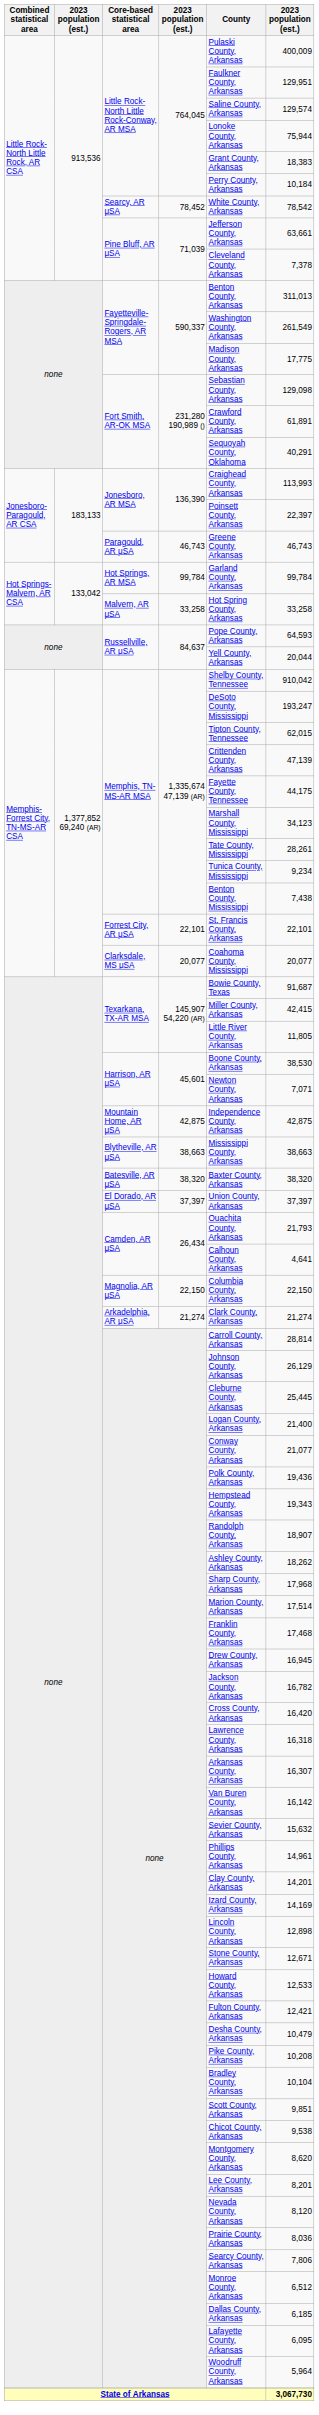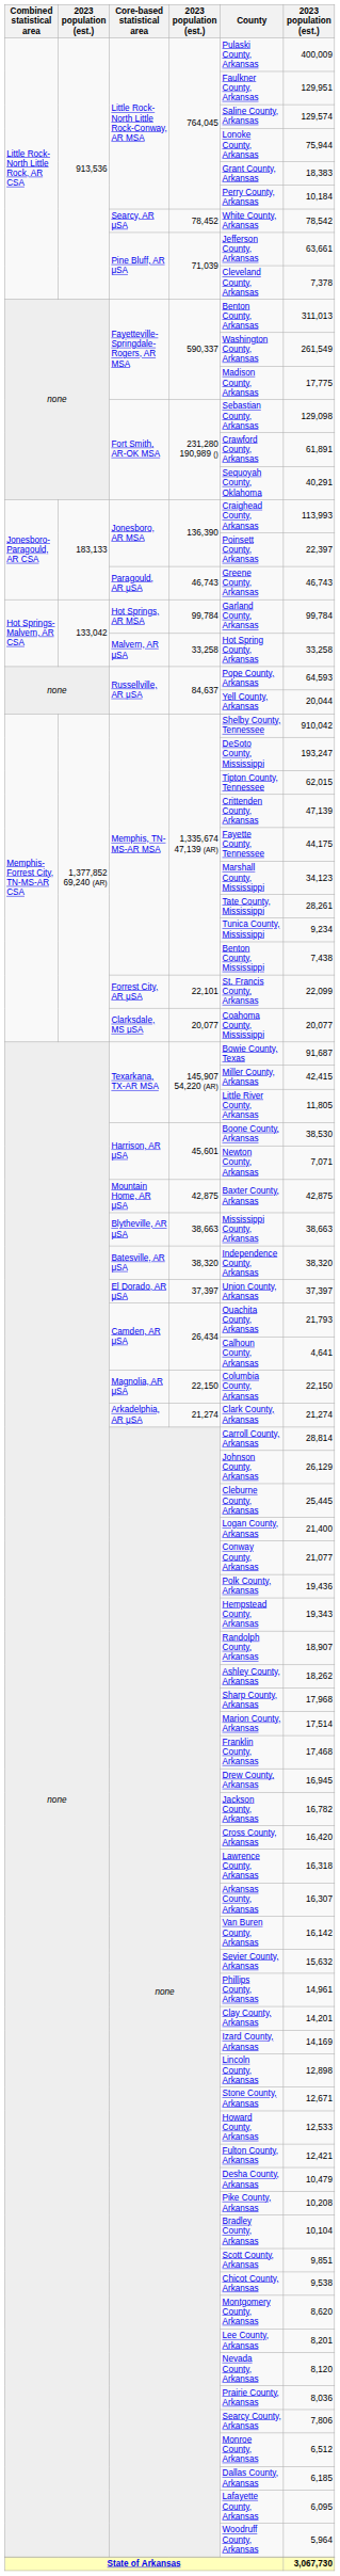 <table class=wikitable>
 <tr>
 <th>Combined statistical area</th>
 <th>2023 population (est.)</th>
 <th>Core-based statistical area</th>
 <th>2023 population (est.)</th>
 <th>County</th>
 <th>2023 population (est.)</th>
 </tr>
 <tr>
 <td rowspan=9><a href='#'>Little Rock-North Little Rock, AR CSA</a></td>
 <td rowspan=9 align=right>913,536</td>
 <td rowspan=6><a href='#'>Little Rock-North Little Rock-Conway, AR MSA</a></td>
 <td rowspan=6 align=right>764,045</td>
 <td><a href='#'>Pulaski County, Arkansas</a></td>
 <td align=right>400,009</td>
 </tr>
 <tr>
 <td><a href='#'>Faulkner County, Arkansas</a></td>
 <td align=right>129,951</td>
 </tr>
 <tr>
 <td><a href='#'>Saline County, Arkansas</a></td>
 <td align=right>129,574</td>
 </tr>
 <tr>
 <td><a href='#'>Lonoke County, Arkansas</a></td>
 <td align=right>75,944</td>
 </tr>
 <tr>
 <td><a href='#'>Grant County, Arkansas</a></td>
 <td align=right>18,383</td>
 </tr>
 <tr>
 <td><a href='#'>Perry County, Arkansas</a></td>
 <td align=right>10,184</td>
 </tr>
 <tr>
 <td rowspan=1><a href='#'>Searcy, AR μSA</a></td>
 <td rowspan=1 align=right>78,452</td>
 <td><a href='#'>White County, Arkansas</a></td>
 <td align=right>78,542</td>
 </tr>
 <tr>
 <td rowspan=2><a href='#'>Pine Bluff, AR μSA</a></td>
 <td rowspan=2 align=right>71,039</td>
 <td><a href='#'>Jefferson County, Arkansas</a></td>
 <td align=right>63,661</td>
 </tr>
 <tr>
 <td><a href='#'>Cleveland County, Arkansas</a></td>
 <td align=right>7,378</td>
 </tr>
 <tr>
 <td rowspan=6 colspan=2 align=center bgcolor=#EEEEEE><em>none</em></td>
 <td rowspan=3><a href='#'>Fayetteville-Springdale-Rogers, AR MSA</a></td>
 <td rowspan=3 align=right>590,337</td>
 <td><a href='#'>Benton County, Arkansas</a></td>
 <td align=right>311,013</td>
 </tr>
 <tr>
 <td><a href='#'>Washington County, Arkansas</a></td>
 <td align=right>261,549</td>
 </tr>
 <tr>
 <td><a href='#'>Madison County, Arkansas</a></td>
 <td align=right>17,775</td>
 </tr>
 <tr>
 <td rowspan=3><a href='#'><span>Fort Smith, AR-OK MSA</span></a></td>
 <td rowspan=3 align=right><span>231,280</span><br>190,989 <small>()</small></td>
 <td><a href='#'>Sebastian County, Arkansas</a></td>
 <td align=right>129,098</td>
 </tr>
 <tr>
 <td><a href='#'>Crawford County, Arkansas</a></td>
 <td align=right>61,891</td>
 </tr>
 <tr>
 <td><a href='#'><span>Sequoyah County, Oklahoma</span></a></td>
 <td align=right><span>40,291</span></td>
 </tr>
 <tr>
 <td rowspan=3><a href='#'>Jonesboro-Paragould, AR CSA</a></td>
 <td rowspan=3 align=right>183,133</td>
 <td rowspan=2><a href='#'>Jonesboro, AR MSA</a></td>
 <td rowspan=2 align=right>136,390</td>
 <td><a href='#'>Craighead County, Arkansas</a></td>
 <td align=right>113,993</td>
 </tr>
 <tr>
 <td><a href='#'>Poinsett County, Arkansas</a></td>
 <td align=right>22,397</td>
 </tr>
 <tr>
 <td rowspan=1><a href='#'>Paragould, AR μSA</a></td>
 <td rowspan=1 align=right>46,743</td>
 <td><a href='#'>Greene County, Arkansas</a></td>
 <td align=right>46,743</td>
 </tr>
 <tr>
 <td rowspan=2><a href='#'>Hot Springs-Malvern, AR CSA</a></td>
 <td rowspan=2 align=right>133,042</td>
 <td rowspan=1><a href='#'>Hot Springs, AR MSA</a></td>
 <td rowspan=1 align=right>99,784</td>
 <td><a href='#'>Garland County, Arkansas</a></td>
 <td align=right>99,784</td>
 </tr>
 <tr>
 <td><a href='#'>Malvern, AR μSA</a></td>
 <td align=right>33,258</td>
 <td><a href='#'>Hot Spring County, Arkansas</a></td>
 <td align=right>33,258</td>
 </tr>
 <tr>
 <td rowspan=2 colspan=2 align=center bgcolor=#EEEEEE><em>none</em></td>
 <td rowspan=2><a href='#'>Russellville, AR μSA</a></td>
 <td rowspan=2 align=right>84,637</td>
 <td><a href='#'>Pope County, Arkansas</a></td>
 <td align=right>64,593</td>
 </tr>
 <tr>
 <td><a href='#'>Yell County, Arkansas</a></td>
 <td align=right>20,044</td>
 </tr>
 <tr>
 <td rowspan=11><a href='#'><span>Memphis-Forrest City, TN-MS-AR CSA</span></a></td>
 <td rowspan=11 align=right><span>1,377,852</span><br>69,240 <small>(AR)</small></td>
 <td rowspan=9><a href='#'><span>Memphis, TN-MS-AR MSA</span></a></td>
 <td rowspan=9 align=right><span>1,335,674</span><br>47,139 <small>(AR)</small></td>
 <td><a href='#'><span>Shelby County, Tennessee</span></a></td>
 <td align=right><span>910,042</span></td>
 </tr>
 <tr>
 <td><a href='#'><span>DeSoto County, Mississippi</span></a></td>
 <td align=right><span>193,247</span></td>
 </tr>
 <tr>
 <td><a href='#'><span>Tipton County, Tennessee</span></a></td>
 <td align=right><span>62,015</span></td>
 </tr>
 <tr>
 <td><a href='#'>Crittenden County, Arkansas</a></td>
 <td align=right>47,139</td>
 </tr>
 <tr>
 <td><a href='#'><span>Fayette County, Tennessee</span></a></td>
 <td align=right><span>44,175</span></td>
 </tr>
 <tr>
 <td><a href='#'><span>Marshall County, Mississippi</span></a></td>
 <td align=right><span>34,123</span></td>
 </tr>
 <tr>
 <td><a href='#'><span>Tate County, Mississippi</span></a></td>
 <td align=right><span>28,261</span></td>
 </tr>
 <tr>
 <td><a href='#'><span>Tunica County, Mississippi</span></a></td>
 <td align=right><span>9,234</span></td>
 </tr>
 <tr>
 <td><a href='#'><span>Benton County, Mississippi</span></a></td>
 <td align=right><span>7,438</span></td>
 </tr>
 <tr>
 <td rowspan=1><a href='#'>Forrest City, AR μSA</a></td>
 <td rowspan=1 align=right>22,101</td>
 <td><a href='#'>St. Francis County, Arkansas</a></td>
-<td align=right>22,101</td>
+<td align=right>22,099</td>
 </tr>
 <tr>
 <td rowspan=1><a href='#'><span>Clarksdale, MS μSA</span></a></td>
 <td rowspan=1 align=right><span>20,077</span></td>
 <td><a href='#'><span>Coahoma County, Mississippi</span></a></td>
 <td align=right><span>20,077</span></td>
 </tr>
 <tr>
 <td rowspan=53 colspan=2 align=center bgcolor=#EEEEEE><em>none</em></td>
 <td rowspan=3><a href='#'><span>Texarkana, TX-AR MSA</span></a></td>
 <td rowspan=3 align=right><span>145,907</span><br>54,220 <small>(AR)</small></td>
 <td><a href='#'><span>Bowie County, Texas</span></a></td>
 <td align=right><span>91,687</span></td>
 </tr>
 <tr>
 <td><a href='#'>Miller County, Arkansas</a></td>
 <td align=right>42,415</td>
 </tr>
 <tr>
 <td><a href='#'>Little River County, Arkansas</a></td>
 <td align=right>11,805</td>
 </tr>
 <tr>
 <td rowspan=2><a href='#'>Harrison, AR μSA</a></td>
 <td rowspan=2 align=right>45,601</td>
 <td><a href='#'>Boone County, Arkansas</a></td>
 <td align=right>38,530</td>
 </tr>
 <tr>
 <td><a href='#'>Newton County, Arkansas</a></td>
 <td align=right>7,071</td>
 </tr>
 <tr>
 <td rowspan=1><a href='#'>Mountain Home, AR μSA</a></td>
 <td rowspan=1 align=right>42,875</td>
-<td><a href='#'>Independence County, Arkansas</a></td>
+<td><a href='#'>Baxter County, Arkansas</a></td>
 <td align=right>42,875</td>
 </tr>
 <tr>
 <td rowspan=1><a href='#'>Blytheville, AR μSA</a></td>
 <td rowspan=1 align=right>38,663</td>
 <td><a href='#'>Mississippi County, Arkansas</a></td>
 <td align=right>38,663</td>
 </tr>
 <tr>
 <td rowspan=1><a href='#'>Batesville, AR μSA</a></td>
 <td rowspan=1 align=right>38,320</td>
-<td><a href='#'>Baxter County, Arkansas</a></td>
+<td><a href='#'>Independence County, Arkansas</a></td>
 <td align=right>38,320</td>
 </tr>
 <tr>
 <td rowspan=1><a href='#'>El Dorado, AR μSA</a></td>
 <td rowspan=1 align=right>37,397</td>
 <td><a href='#'>Union County, Arkansas</a></td>
 <td align=right>37,397</td>
 </tr>
 <tr>
 <td rowspan=2><a href='#'>Camden, AR μSA</a></td>
 <td rowspan=2 align=right>26,434</td>
 <td><a href='#'>Ouachita County, Arkansas</a></td>
 <td align=right>21,793</td>
 </tr>
 <tr>
 <td><a href='#'>Calhoun County, Arkansas</a></td>
 <td align=right>4,641</td>
 </tr>
 <tr>
 <td rowspan=1><a href='#'>Magnolia, AR μSA</a></td>
 <td rowspan=1 align=right>22,150</td>
 <td><a href='#'>Columbia County, Arkansas</a></td>
 <td align=right>22,150</td>
 </tr>
 <tr>
 <td rowspan=1><a href='#'>Arkadelphia, AR μSA</a></td>
 <td rowspan=1 align=right>21,274</td>
 <td><a href='#'>Clark County, Arkansas</a></td>
 <td align=right>21,274</td>
 </tr>
 <tr>
 <td rowspan=40 colspan=2 align=center bgcolor=#EEEEEE><em>none</em></td>
 <td><a href='#'>Carroll County, Arkansas</a></td>
 <td align=right>28,814</td>
 </tr>
 <tr>
 <td><a href='#'>Johnson County, Arkansas</a></td>
 <td align=right>26,129</td>
 </tr>
 <tr>
 <td><a href='#'>Cleburne County, Arkansas</a></td>
 <td align=right>25,445</td>
 </tr>
 <tr>
 <td><a href='#'>Logan County, Arkansas</a></td>
 <td align=right>21,400</td>
 </tr>
 <tr>
 <td><a href='#'>Conway County, Arkansas</a></td>
 <td align=right>21,077</td>
 </tr>
 <tr>
 <td><a href='#'>Polk County, Arkansas</a></td>
 <td align=right>19,436</td>
 </tr>
 <tr>
 <td><a href='#'>Hempstead County, Arkansas</a></td>
 <td align=right>19,343</td>
 </tr>
 <tr>
 <td><a href='#'>Randolph County, Arkansas</a></td>
 <td align=right>18,907</td>
 </tr>
 <tr>
 <td><a href='#'>Ashley County, Arkansas</a></td>
 <td align=right>18,262</td>
 </tr>
 <tr>
 <td><a href='#'>Sharp County, Arkansas</a></td>
 <td align=right>17,968</td>
 </tr>
 <tr>
 <td><a href='#'>Marion County, Arkansas</a></td>
 <td align=right>17,514</td>
 </tr>
 <tr>
 <td><a href='#'>Franklin County, Arkansas</a></td>
 <td align=right>17,468</td>
 </tr>
 <tr>
 <td><a href='#'>Drew County, Arkansas</a></td>
 <td align=right>16,945</td>
 </tr>
 <tr>
 <td><a href='#'>Jackson County, Arkansas</a></td>
 <td align=right>16,782</td>
 </tr>
 <tr>
 <td><a href='#'>Cross County, Arkansas</a></td>
 <td align=right>16,420</td>
 </tr>
 <tr>
 <td><a href='#'>Lawrence County, Arkansas</a></td>
 <td align=right>16,318</td>
 </tr>
 <tr>
 <td><a href='#'>Arkansas County, Arkansas</a></td>
 <td align=right>16,307</td>
 </tr>
 <tr>
 <td><a href='#'>Van Buren County, Arkansas</a></td>
 <td align=right>16,142</td>
 </tr>
 <tr>
 <td><a href='#'>Sevier County, Arkansas</a></td>
 <td align=right>15,632</td>
 </tr>
 <tr>
 <td><a href='#'>Phillips County, Arkansas</a></td>
 <td align=right>14,961</td>
 </tr>
 <tr>
 <td><a href='#'>Clay County, Arkansas</a></td>
 <td align=right>14,201</td>
 </tr>
 <tr>
 <td><a href='#'>Izard County, Arkansas</a></td>
 <td align=right>14,169</td>
 </tr>
 <tr>
 <td><a href='#'>Lincoln County, Arkansas</a></td>
 <td align=right>12,898</td>
 </tr>
 <tr>
 <td><a href='#'>Stone County, Arkansas</a></td>
 <td align=right>12,671</td>
 </tr>
 <tr>
 <td><a href='#'>Howard County, Arkansas</a></td>
 <td align=right>12,533</td>
 </tr>
 <tr>
 <td><a href='#'>Fulton County, Arkansas</a></td>
 <td align=right>12,421</td>
 </tr>
 <tr>
 <td><a href='#'>Desha County, Arkansas</a></td>
 <td align=right>10,479</td>
 </tr>
 <tr>
 <td><a href='#'>Pike County, Arkansas</a></td>
 <td align=right>10,208</td>
 </tr>
 <tr>
 <td><a href='#'>Bradley County, Arkansas</a></td>
 <td align=right>10,104</td>
 </tr>
 <tr>
 <td><a href='#'>Scott County, Arkansas</a></td>
 <td align=right>9,851</td>
 </tr>
 <tr>
 <td><a href='#'>Chicot County, Arkansas</a></td>
 <td align=right>9,538</td>
 </tr>
 <tr>
 <td><a href='#'>Montgomery County, Arkansas</a></td>
 <td align=right>8,620</td>
 </tr>
 <tr>
 <td><a href='#'>Lee County, Arkansas</a></td>
 <td align=right>8,201</td>
 </tr>
 <tr>
 <td><a href='#'>Nevada County, Arkansas</a></td>
 <td align=right>8,120</td>
 </tr>
 <tr>
 <td><a href='#'>Prairie County, Arkansas</a></td>
 <td align=right>8,036</td>
 </tr>
 <tr>
 <td><a href='#'>Searcy County, Arkansas</a></td>
 <td align=right>7,806</td>
 </tr>
 <tr>
 <td><a href='#'>Monroe County, Arkansas</a></td>
 <td align=right>6,512</td>
 </tr>
 <tr>
 <td><a href='#'>Dallas County, Arkansas</a></td>
 <td align=right>6,185</td>
 </tr>
 <tr>
 <td><a href='#'>Lafayette County, Arkansas</a></td>
 <td align=right>6,095</td>
 </tr>
 <tr>
 <td><a href='#'>Woodruff County, Arkansas</a></td>
 <td align=right>5,964</td>
 </tr>
 <tr>
 </tr>
 <tr style="font-weight:bold;" bgcolor=#FFFFBB>
 <td colspan=5 align=center><a href='#'>State of Arkansas</a></td>
 <td align=right>3,067,730</td>
 </tr>
 </table>
